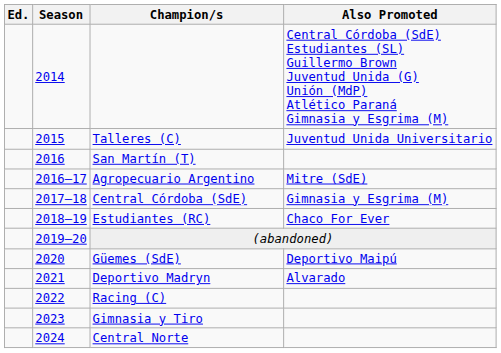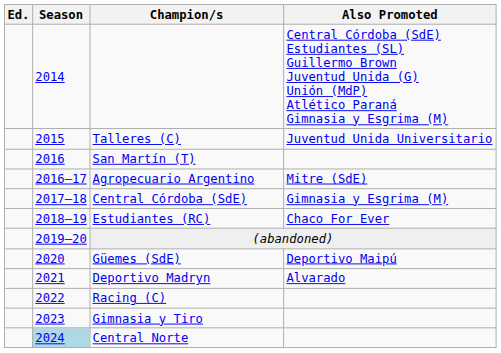 <table class="wikitable sortable">
 <tr>
 <th width=>Ed.</th>
 <th width= px>Season</th>
 <th width= 200px>Champion/s</th>
 <th width= 220px>Also Promoted</th>
 </tr>
 <tr>
 <td></td>
 <td><a href='#'>2014</a></td>
 <td></td>
 <td><a href='#'>Central Córdoba (SdE)</a> <br> <a href='#'>Estudiantes (SL)</a> <br><a href='#'>Guillermo Brown</a> <br> <a href='#'>Juventud Unida (G)</a> <br><a href='#'>Unión (MdP)</a><br><a href='#'>Atlético Paraná</a> <br> <a href='#'>Gimnasia y Esgrima (M)</a><br></td>
 </tr>
 <tr>
 <td></td>
 <td><a href='#'>2015</a></td>
 <td><a href='#'>Talleres (C)</a> </td>
 <td><a href='#'>Juventud Unida Universitario</a></td>
 </tr>
 <tr>
 <td></td>
 <td><a href='#'>2016</a></td>
 <td><a href='#'>San Martín (T)</a> </td>
 <td></td>
 </tr>
 <tr>
 <td></td>
 <td><a href='#'>2016–17</a></td>
 <td><a href='#'>Agropecuario Argentino</a> </td>
 <td><a href='#'>Mitre (SdE)</a></td>
 </tr>
 <tr>
 <td></td>
 <td><a href='#'>2017–18</a></td>
 <td><a href='#'>Central Córdoba (SdE)</a> </td>
 <td><a href='#'>Gimnasia y Esgrima (M)</a></td>
 </tr>
 <tr>
 <td></td>
 <td><a href='#'>2018–19</a></td>
 <td><a href='#'>Estudiantes (RC)</a> </td>
 <td><a href='#'>Chaco For Ever</a></td>
 </tr>
 <tr>
 <td></td>
 <td><a href='#'>2019–20</a></td>
 <td colspan=2 style="text-align:center; background:#efefef"><em>(abandoned)</em></td>
 </tr>
 <tr>
 <td></td>
 <td><a href='#'>2020</a></td>
 <td><a href='#'>Güemes (SdE)</a> </td>
 <td><a href='#'>Deportivo Maipú</a></td>
 </tr>
 <tr>
 <td></td>
 <td><a href='#'>2021</a></td>
 <td><a href='#'>Deportivo Madryn</a> </td>
 <td><a href='#'>Alvarado</a></td>
 </tr>
 <tr>
 <td></td>
 <td><a href='#'>2022</a></td>
 <td><a href='#'>Racing (C)</a> </td>
 <td></td>
 </tr>
 <tr>
 <td></td>
 <td><a href='#'>2023</a></td>
 <td><a href='#'>Gimnasia y Tiro</a> </td>
 <td></td>
 </tr>
 <tr>
 <td></td>
-<td><a href='#'>2024</a></td>
+<td style="background: lightblue;"><a href='#'>2024</a></td>
 <td><a href='#'>Central Norte</a> </td>
 <td></td>
 </tr>
 </table>
